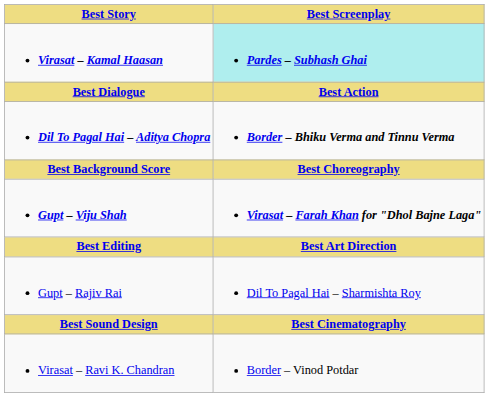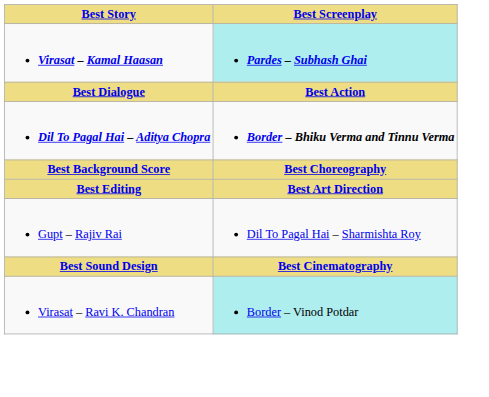 <table class="wikitable">
 <tr>
 <th ! style="background:#EEDD82;text-align:center;"><a href='#'>Best Story</a></th>
 <th ! style="background:#eedd82; text-align:center;"><a href='#'>Best Screenplay</a></th>
 </tr>
 <tr>
 <td valign="top"><br><ul><li><strong> <em><a href='#'>Virasat</a> – <a href='#'>Kamal Haasan</a></em> </strong></li></ul></td>
 <td valign="top" style="background: paleturquoise;"><br><ul><li><strong> <em><a href='#'>Pardes</a> – <a href='#'>Subhash Ghai</a></em> </strong></li></ul></td>
 </tr>
 <tr>
 <th ! style="background:#EEDD82;text-align:center;"><a href='#'>Best Dialogue</a></th>
 <th ! style="background:#eedd82; text-align:center;"><a href='#'>Best Action</a></th>
 </tr>
 <tr>
 <td valign="top"><br><ul><li><strong> <em><a href='#'>Dil To Pagal Hai</a> – <a href='#'>Aditya Chopra</a></em> </strong></li></ul></td>
 <td valign="top"><br><ul><li><strong> <em><a href='#'>Border</a> – Bhiku Verma and Tinnu Verma</em> </strong></li></ul></td>
 </tr>
 <tr>
 <th ! style="background:#EEDD82;text-align:center;"><a href='#'>Best Background Score</a></th>
 <th ! style="background:#eedd82; text-align:center;"><a href='#'>Best Choreography</a></th>
 </tr>
 <tr>
-<td valign="top"><br><ul><li><strong> <em><a href='#'>Gupt</a> – <a href='#'>Viju Shah</a></em> </strong></li></ul></td>
-<td valign="top"><br><ul><li><strong> <em><a href='#'>Virasat</a> – <a href='#'>Farah Khan</a> for "Dhol Bajne Laga"<strong><em></li></ul></td>
-</tr>
-<tr>
 <th ! style="background:#EEDD82;text-align:center;"><a href='#'>Best Editing</a></th>
 <th ! style="background:#eedd82; text-align:center;"><a href='#'>Best Art Direction</a></th>
 </tr>
 <tr>
 <td valign="top"><br><ul><li></strong> </em><a href='#'>Gupt</a> – <a href='#'>Rajiv Rai</a><em> <strong></li></ul></td>
 <td valign="top"><br><ul><li></strong> </em><a href='#'>Dil To Pagal Hai</a> – <a href='#'>Sharmishta Roy</a><em> <strong></li></ul></td>
 </tr>
 <tr>
 <th ! style="background:#EEDD82;text-align:center;"><a href='#'>Best Sound Design</a></th>
 <th ! style="background:#eedd82; text-align:center;"><a href='#'>Best Cinematography</a></th>
 </tr>
 <tr>
 <td valign="top"><br><ul><li></strong> </em><a href='#'>Virasat</a> – <a href='#'>Ravi K. Chandran</a><em> <strong></li></ul></td>
-<td valign="top"><br><ul><li></strong> </em><a href='#'>Border</a> – Vinod Potdar<em> <strong></li></ul></td>
+<td valign="top" style="background: paleturquoise;"><br><ul><li></strong> </em><a href='#'>Border</a> – Vinod Potdar<em> <strong></li></ul></td>
 </tr>
 </table>
